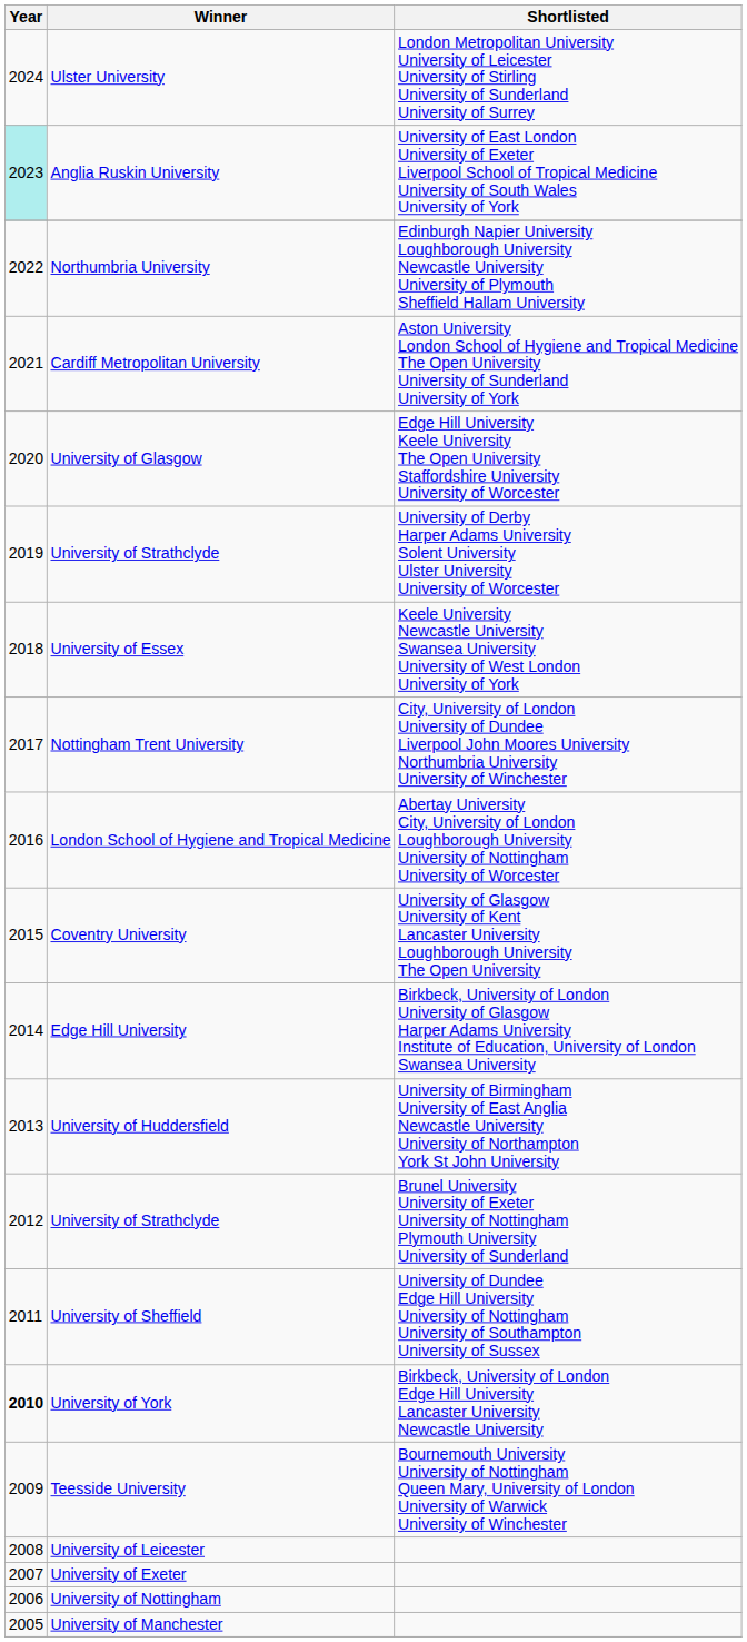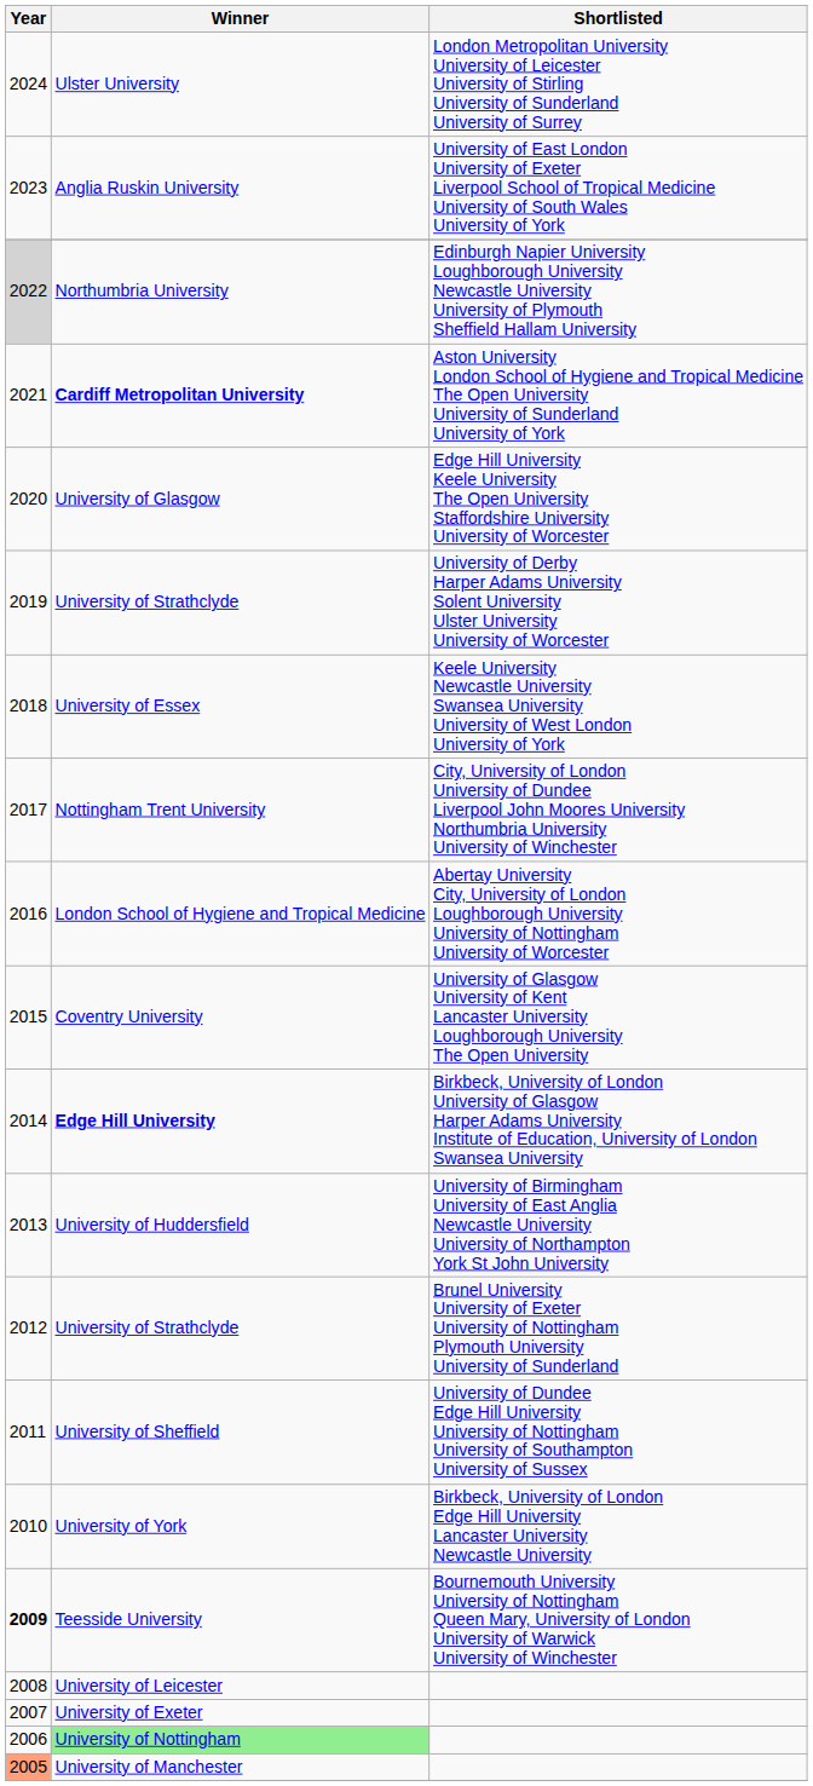 <table class="wikitable sortable">
 <tr>
 <th>Year</th>
 <th>Winner</th>
 <th>Shortlisted</th>
 </tr>
 <tr>
 <td>2024</td>
 <td><a href='#'>Ulster University</a></td>
 <td><a href='#'>London Metropolitan University</a><br><a href='#'>University of Leicester</a><br><a href='#'>University of Stirling</a><br><a href='#'>University of Sunderland</a><br><a href='#'>University of Surrey</a></td>
 </tr>
 <tr>
-<td style="background: paleturquoise;">2023</td>
+<td>2023</td>
 <td><a href='#'>Anglia Ruskin University</a></td>
 <td><a href='#'>University of East London</a><br><a href='#'>University of Exeter</a><br><a href='#'>Liverpool School of Tropical Medicine</a><br><a href='#'>University of South Wales</a><br><a href='#'>University of York</a></td>
 </tr>
 <tr>
 </tr>
 <tr>
-<td>2022</td>
+<td style="background: lightgrey;">2022</td>
 <td><a href='#'>Northumbria University</a></td>
 <td><a href='#'>Edinburgh Napier University</a><br><a href='#'>Loughborough University</a><br><a href='#'>Newcastle University</a><br><a href='#'>University of Plymouth</a><br><a href='#'>Sheffield Hallam University</a></td>
 </tr>
 <tr>
 <td>2021</td>
-<td><a href='#'>Cardiff Metropolitan University</a></td>
+<td><strong><a href='#'>Cardiff Metropolitan University</a></strong></td>
 <td><a href='#'>Aston University</a><br><a href='#'>London School of Hygiene and Tropical Medicine</a><br><a href='#'>The Open University</a><br><a href='#'>University of Sunderland</a><br><a href='#'>University of York</a></td>
 </tr>
 <tr>
 <td>2020</td>
 <td><a href='#'>University of Glasgow</a></td>
 <td><a href='#'>Edge Hill University</a><br><a href='#'>Keele University</a><br><a href='#'>The Open University</a><br><a href='#'>Staffordshire University</a><br><a href='#'>University of Worcester</a></td>
 </tr>
 <tr>
 <td>2019</td>
 <td><a href='#'>University of Strathclyde</a></td>
 <td><a href='#'>University of Derby</a><br><a href='#'>Harper Adams University</a><br><a href='#'>Solent University</a><br><a href='#'>Ulster University</a><br><a href='#'>University of Worcester</a></td>
 </tr>
 <tr>
 <td>2018</td>
 <td><a href='#'>University of Essex</a></td>
 <td><a href='#'>Keele University</a><br><a href='#'>Newcastle University</a><br><a href='#'>Swansea University</a><br><a href='#'>University of West London</a><br><a href='#'>University of York</a></td>
 </tr>
 <tr>
 <td>2017</td>
 <td><a href='#'>Nottingham Trent University</a></td>
 <td><a href='#'>City, University of London</a><br><a href='#'>University of Dundee</a><br><a href='#'>Liverpool John Moores University</a><br><a href='#'>Northumbria University</a><br><a href='#'>University of Winchester</a></td>
 </tr>
 <tr>
 <td>2016</td>
 <td><a href='#'>London School of Hygiene and Tropical Medicine</a></td>
 <td><a href='#'>Abertay University</a><br><a href='#'>City, University of London</a><br><a href='#'>Loughborough University</a><br><a href='#'>University of Nottingham</a><br><a href='#'>University of Worcester</a></td>
 </tr>
 <tr>
 <td>2015</td>
 <td><a href='#'>Coventry University</a></td>
 <td><a href='#'>University of Glasgow</a><br><a href='#'>University of Kent</a><br><a href='#'>Lancaster University</a><br><a href='#'>Loughborough University</a><br><a href='#'>The Open University</a></td>
 </tr>
 <tr>
 <td>2014</td>
-<td><a href='#'>Edge Hill University</a></td>
+<td><strong><a href='#'>Edge Hill University</a></strong></td>
 <td><a href='#'>Birkbeck, University of London</a><br><a href='#'>University of Glasgow</a><br><a href='#'>Harper Adams University</a><br><a href='#'>Institute of Education, University of London</a><br><a href='#'>Swansea University</a></td>
 </tr>
 <tr>
 <td>2013</td>
 <td><a href='#'>University of Huddersfield</a></td>
 <td><a href='#'>University of Birmingham</a><br><a href='#'>University of East Anglia</a><br><a href='#'>Newcastle University</a><br><a href='#'>University of Northampton</a><br><a href='#'>York St John University</a></td>
 </tr>
 <tr>
 <td>2012</td>
 <td><a href='#'>University of Strathclyde</a></td>
 <td><a href='#'>Brunel University</a><br><a href='#'>University of Exeter</a><br><a href='#'>University of Nottingham</a><br><a href='#'>Plymouth University</a><br><a href='#'>University of Sunderland</a></td>
 </tr>
 <tr>
 <td>2011</td>
 <td><a href='#'>University of Sheffield</a></td>
 <td><a href='#'>University of Dundee</a><br><a href='#'>Edge Hill University</a><br><a href='#'>University of Nottingham</a><br><a href='#'>University of Southampton</a><br><a href='#'>University of Sussex</a></td>
 </tr>
 <tr>
-<td><strong>2010</strong></td>
+<td>2010</td>
 <td><a href='#'>University of York</a></td>
 <td><a href='#'>Birkbeck, University of London</a><br><a href='#'>Edge Hill University</a><br><a href='#'>Lancaster University</a><br><a href='#'>Newcastle University</a></td>
 </tr>
 <tr>
-<td>2009</td>
+<td><strong>2009</strong></td>
 <td><a href='#'>Teesside University</a></td>
 <td><a href='#'>Bournemouth University</a><br><a href='#'>University of Nottingham</a><br><a href='#'>Queen Mary, University of London</a><br><a href='#'>University of Warwick</a><br><a href='#'>University of Winchester</a></td>
 </tr>
 <tr>
 <td>2008</td>
 <td><a href='#'>University of Leicester</a></td>
 <td></td>
 </tr>
 <tr>
 <td>2007</td>
 <td><a href='#'>University of Exeter</a></td>
 <td></td>
 </tr>
 <tr>
 <td>2006</td>
-<td><a href='#'>University of Nottingham</a></td>
+<td style="background: lightgreen;"><a href='#'>University of Nottingham</a></td>
 <td></td>
 </tr>
 <tr>
-<td>2005</td>
+<td style="background: lightsalmon;">2005</td>
 <td><a href='#'>University of Manchester</a></td>
 <td></td>
 </tr>
 <tr>
 </tr>
 </table>
